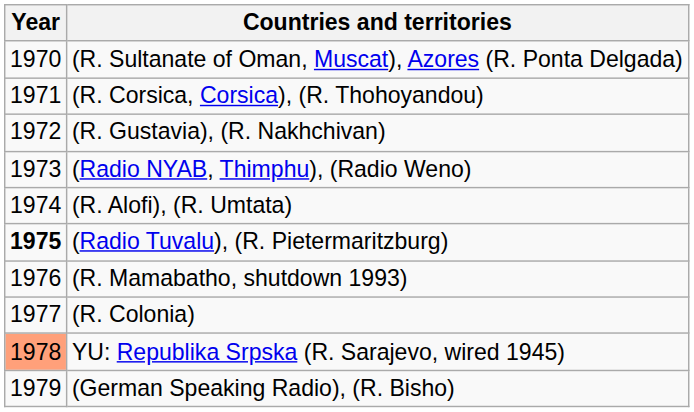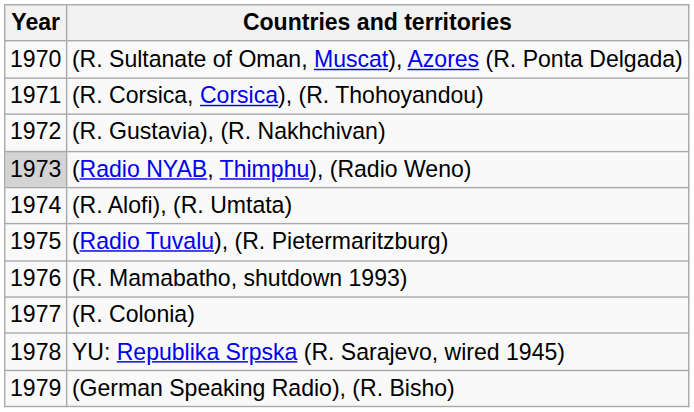 <table class="wikitable">
 <tr>
 <th>Year</th>
 <th>Countries and territories</th>
 </tr>
 <tr>
 <td>1970</td>
 <td> (R. Sultanate of Oman, <a href='#'>Muscat</a>),  <a href='#'>Azores</a> (R. Ponta Delgada)</td>
 </tr>
 <tr>
 <td>1971</td>
 <td> (R. Corsica, <a href='#'>Corsica</a>),  (R. Thohoyandou)</td>
 </tr>
 <tr>
 <td>1972</td>
 <td> (R. Gustavia),  (R. Nakhchivan)</td>
 </tr>
 <tr>
-<td>1973</td>
+<td style="background: lightgrey;">1973</td>
 <td> (<a href='#'>Radio NYAB</a>, <a href='#'>Thimphu</a>),  (Radio Weno)</td>
 </tr>
 <tr>
 <td>1974</td>
 <td> (R. Alofi),  (R. Umtata)</td>
 </tr>
 <tr>
-<td><strong>1975</strong></td>
+<td>1975</td>
 <td> (<a href='#'>Radio Tuvalu</a>),  (R. Pietermaritzburg)</td>
 </tr>
 <tr>
 <td>1976</td>
 <td> (R. Mamabatho, shutdown 1993)</td>
 </tr>
 <tr>
 <td>1977</td>
 <td> (R. Colonia)</td>
 </tr>
 <tr>
-<td style="background: lightsalmon;">1978</td>
+<td>1978</td>
 <td> YU: <a href='#'>Republika Srpska</a> (R. Sarajevo, wired 1945)</td>
 </tr>
 <tr>
 <td>1979</td>
 <td> (German Speaking Radio),  (R. Bisho)</td>
 </tr>
 </table>
